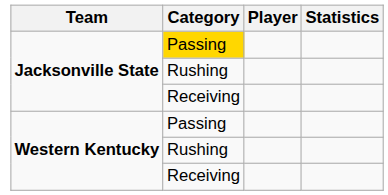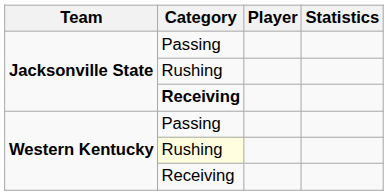 <table class="wikitable" style="float: right;">
 <tr>
 <th>Team</th>
 <th>Category</th>
 <th>Player</th>
 <th>Statistics</th>
 </tr>
 <tr>
 <td rowspan=3><strong>Jacksonville State</strong></td>
-<td style="background: gold;">Passing</td>
+<td>Passing</td>
 <td></td>
 <td></td>
 </tr>
 <tr>
 <td>Rushing</td>
 <td></td>
 <td></td>
 </tr>
 <tr>
-<td>Receiving</td>
+<td><strong>Receiving</strong></td>
 <td></td>
 <td></td>
 </tr>
 <tr>
 <td rowspan=3><strong>Western Kentucky</strong></td>
 <td>Passing</td>
 <td></td>
 <td></td>
 </tr>
 <tr>
-<td>Rushing</td>
+<td style="background: lightyellow;">Rushing</td>
 <td></td>
 <td></td>
 </tr>
 <tr>
 <td>Receiving</td>
 <td></td>
 <td></td>
 </tr>
 </table>
